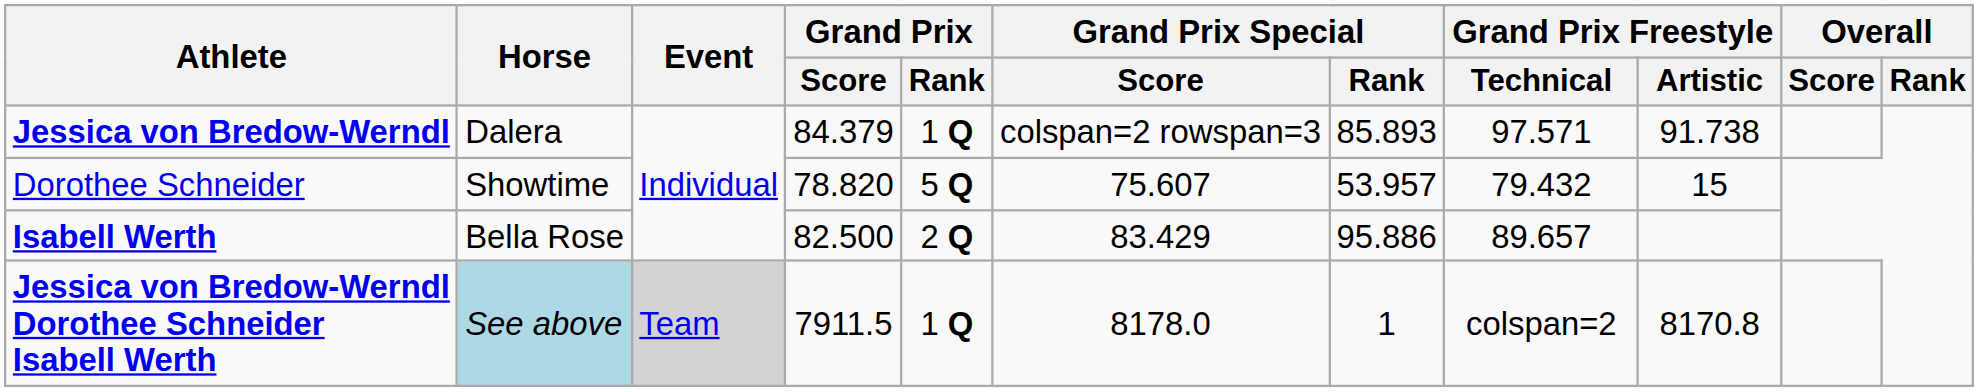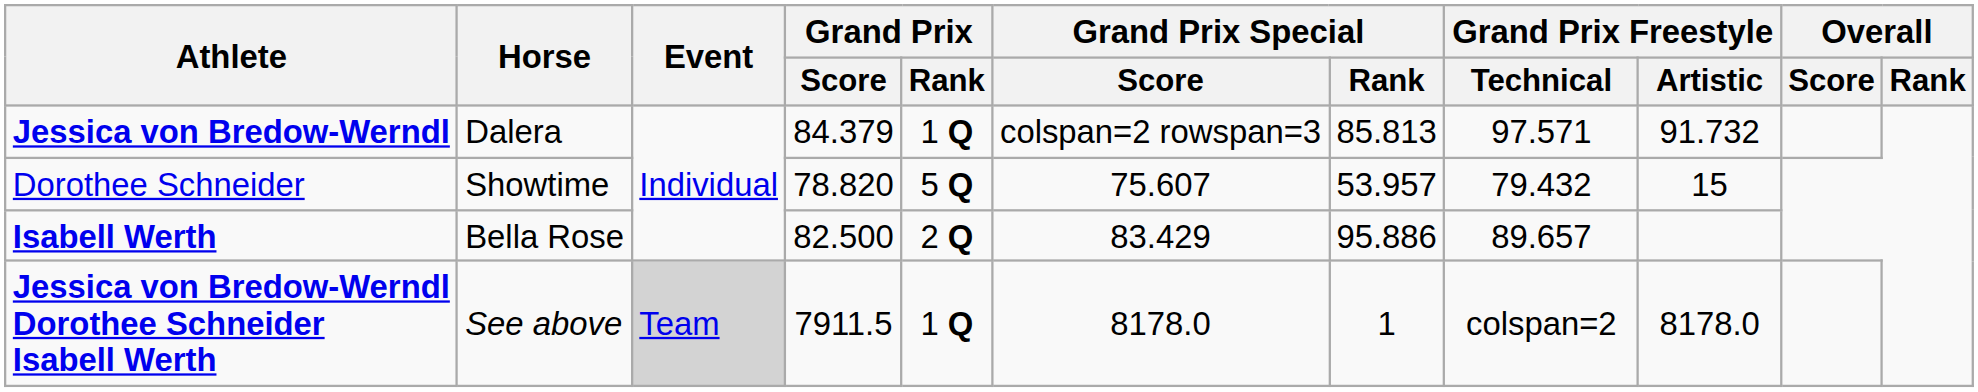 <table class=wikitable style="font-size:90%">
 <tr>
 <th rowspan="2">Athlete</th>
 <th rowspan="2">Horse</th>
 <th rowspan="2">Event</th>
 <th colspan="2">Grand Prix</th>
 <th colspan="2">Grand Prix Special</th>
 <th colspan="2">Grand Prix Freestyle</th>
 <th colspan="2">Overall</th>
 </tr>
 <tr style="font-size:95%">
 <th>Score</th>
 <th>Rank</th>
 <th>Score</th>
 <th>Rank</th>
 <th>Technical</th>
 <th>Artistic</th>
 <th>Score</th>
 <th>Rank</th>
 </tr>
 <tr align=center>
 <td align=left><strong><a href='#'>Jessica von Bredow-Werndl</a></strong></td>
 <td align=left>Dalera</td>
 <td rowspan=3 align=left><a href='#'>Individual</a></td>
 <td>84.379</td>
 <td>1 <strong>Q</strong></td>
 <td>colspan=2 rowspan=3 </td>
-<td>85.893</td>
+<td>85.813</td>
 <td>97.571</td>
-<td>91.738</td>
+<td>91.732</td>
 <td></td>
 </tr>
 <tr align=center>
 <td align=left><a href='#'>Dorothee Schneider</a></td>
 <td align=left>Showtime</td>
 <td>78.820</td>
 <td>5 <strong>Q</strong></td>
 <td>75.607</td>
 <td>53.957</td>
 <td>79.432</td>
 <td>15</td>
 </tr>
 <tr align=center>
 <td align=left><strong><a href='#'>Isabell Werth</a></strong></td>
 <td align=left>Bella Rose</td>
 <td>82.500</td>
 <td>2 <strong>Q</strong></td>
 <td>83.429</td>
 <td>95.886</td>
 <td>89.657</td>
 <td></td>
 </tr>
 <tr align=center>
 <td align=left><strong><a href='#'>Jessica von Bredow-Werndl</a><br><a href='#'>Dorothee Schneider</a><br><a href='#'>Isabell Werth</a></strong></td>
-<td align=left style="background: lightblue;"><em>See above</em></td>
+<td align=left><em>See above</em></td>
 <td align=left style="background: lightgrey;"><a href='#'>Team</a></td>
 <td>7911.5</td>
 <td>1 <strong>Q</strong></td>
 <td>8178.0</td>
 <td>1</td>
 <td>colspan=2 </td>
-<td>8170.8</td>
+<td>8178.0</td>
 <td></td>
 </tr>
 </table>
